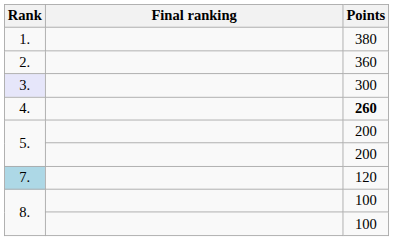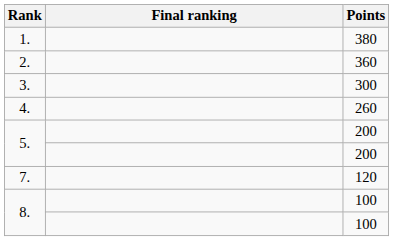 <table class="wikitable">
 <tr>
 <th>Rank</th>
 <th style="width: 20em">Final ranking</th>
 <th>Points</th>
 </tr>
 <tr>
 <td align="center">1.</td>
 <td></td>
 <td align="center">380</td>
 </tr>
 <tr>
 <td align="center">2.</td>
 <td></td>
 <td align="center">360</td>
 </tr>
 <tr>
-<td align="center" style="background: lavender;">3.</td>
+<td align="center">3.</td>
 <td></td>
 <td align="center">300</td>
 </tr>
 <tr>
 <td align="center">4.</td>
 <td></td>
-<td align="center"><strong>260</strong></td>
+<td align="center">260</td>
 </tr>
 <tr>
 <td rowspan=2 align="center">5.</td>
 <td></td>
 <td align="center">200</td>
 </tr>
 <tr>
 <td></td>
 <td align="center">200</td>
 </tr>
 <tr>
-<td align="center" style="background: lightblue;">7.</td>
+<td align="center">7.</td>
 <td></td>
 <td align="center">120</td>
 </tr>
 <tr>
 <td rowspan=2 align="center">8.</td>
 <td></td>
 <td align="center">100</td>
 </tr>
 <tr>
 <td></td>
 <td align="center">100</td>
 </tr>
 </table>
